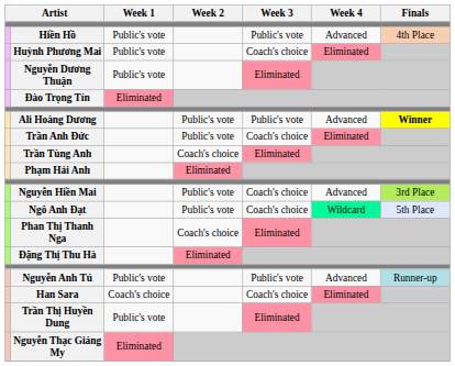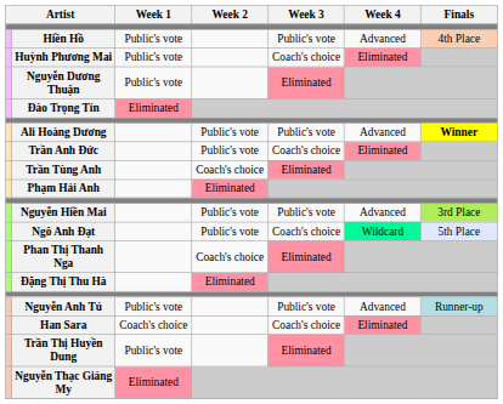 <table class="wikitable" style="font-size:90%; text-align:center; width:100%;">
 <tr>
 <th colspan="2" width="17%;">Artist</th>
 <th style="width:12%;">Week 1</th>
 <th style="width:12%;">Week 2</th>
 <th style="width:12%;">Week 3</th>
 <th style="width:12%;">Week 4</th>
 <th style="width:12%;">Finals</th>
 </tr>
 <tr>
 <th colspan="9" style="background:gray;"></th>
 </tr>
 <tr>
 <th style="background:#f4bbff;"></th>
 <th>Hiền Hồ</th>
 <td>Public's vote</td>
 <td></td>
 <td>Public's vote</td>
 <td>Advanced</td>
 <td style="background:#FBCEB1;">4th Place</td>
 </tr>
 <tr>
 <th style="background:#f4bbff;"></th>
 <th>Huỳnh Phương Mai</th>
 <td>Public's vote</td>
 <td></td>
 <td>Coach's choice</td>
 <td style="background:#FF91A4;">Eliminated</td>
 <td style="background:#ccc;"></td>
 </tr>
 <tr>
 <th style="background:#f4bbff;"></th>
 <th>Nguyễn Dương Thuận</th>
 <td>Public's vote</td>
 <td></td>
 <td style="background:#FF91A4;">Eliminated</td>
 <td colspan="2" style="background:#ccc;"></td>
 </tr>
 <tr>
 <th style="background:#f4bbff;"></th>
 <th>Đào Trọng Tín</th>
 <td style="background:#FF91A4;">Eliminated</td>
 <td colspan="4" style="background:#ccc;"></td>
 </tr>
 <tr>
 <th colspan="10" style="background:gray;"></th>
 </tr>
 <tr>
 <th style="background:#ffe5b4;"></th>
 <th>Ali Hoàng Dương</th>
 <td></td>
 <td>Public's vote</td>
 <td>Public's vote</td>
 <td>Advanced</td>
 <td style="background:yellow;"><strong>Winner</strong></td>
 </tr>
 <tr>
 <th style="background:#ffe5b4;"></th>
 <th>Trần Anh Đức</th>
 <td></td>
 <td>Public's vote</td>
 <td>Coach's choice</td>
 <td style="background:#FF91A4;">Eliminated</td>
 <td style="background:#ccc;"></td>
 </tr>
 <tr>
 <th style="background:#ffe5b4;"></th>
 <th>Trần Tùng Anh</th>
 <td></td>
 <td>Coach's choice</td>
 <td style="background:#FF91A4;">Eliminated</td>
 <td colspan="2" style="background:#ccc;"></td>
 </tr>
 <tr>
 <th style="background:#ffe5b4;"></th>
 <th>Phạm Hải Anh</th>
 <td></td>
 <td style="background:#FF91A4;">Eliminated</td>
 <td colspan="3" style="background:#ccc;"></td>
 </tr>
 <tr>
 <th colspan="10" style="background:gray;"></th>
 </tr>
 <tr>
 <th style="background:#aafa73;"></th>
 <th>Nguyễn Hiền Mai</th>
 <td></td>
 <td>Public's vote</td>
-<td>Coach's choice</td>
+<td>Public's vote</td>
 <td>Advanced</td>
 <td style="background:#B2EC5D;">3rd Place</td>
 </tr>
 <tr>
 <th style="background:#aafa73;"></th>
 <th>Ngô Anh Đạt</th>
 <td></td>
 <td>Public's vote</td>
 <td>Coach's choice</td>
 <td style="background:#00FA9A;">Wildcard</td>
 <td style="background:#E0E8FF;">5th Place</td>
 </tr>
 <tr>
 <th style="background:#aafa73;"></th>
 <th>Phan Thị Thanh Nga</th>
 <td></td>
 <td>Coach's choice</td>
 <td style="background:#FF91A4;">Eliminated</td>
 <td colspan="2" style="background:#ccc;"></td>
 </tr>
 <tr>
 <th style="background:#aafa73;"></th>
 <th>Đặng Thị Thu Hà</th>
 <td></td>
 <td style="background:#FF91A4;">Eliminated</td>
 <td colspan="3" style="background:#ccc;"></td>
 </tr>
 <tr>
 <th colspan="10" style="background:gray;"></th>
 </tr>
 <tr>
 <th style="background:#f4c7b8;"></th>
 <th>Nguyễn Anh Tú</th>
 <td>Public's vote</td>
 <td></td>
 <td>Public's vote</td>
 <td>Advanced</td>
 <td style="background:#B0E0E6;">Runner-up</td>
 </tr>
 <tr>
 <th style="background:#f4c7b8;"></th>
 <th>Han Sara</th>
 <td>Coach's choice</td>
 <td></td>
 <td>Coach's choice</td>
 <td style="background:#FF91A4;">Eliminated</td>
 <td style="background:#ccc;"></td>
 </tr>
 <tr>
 <th style="background:#f4c7b8;"></th>
 <th>Trần Thị Huyền Dung</th>
 <td>Public's vote</td>
 <td></td>
 <td style="background:#FF91A4;">Eliminated</td>
 <td colspan="2" style="background:#ccc;"></td>
 </tr>
 <tr>
 <th style="background:#f4c7b8;"></th>
 <th>Nguyễn Thạc Giáng My</th>
 <td style="background:#FF91A4;">Eliminated</td>
 <td colspan="4" style="background:#ccc;"></td>
 </tr>
 <tr>
 </tr>
 </table>
